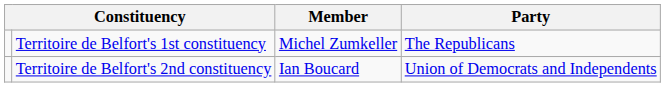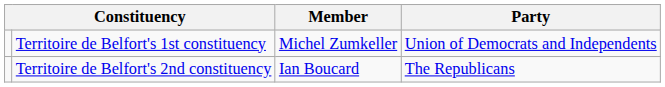 <table class="wikitable">
 <tr>
 <th colspan="2">Constituency</th>
 <th>Member</th>
 <th>Party</th>
 </tr>
 <tr>
 <td style="background-color: "></td>
 <td><a href='#'>Territoire de Belfort's 1st constituency</a></td>
 <td><a href='#'>Michel Zumkeller</a></td>
-<td><a href='#'>The Republicans</a></td>
+<td><a href='#'>Union of Democrats and Independents</a></td>
 </tr>
 <tr>
 <td style="background-color: "></td>
 <td><a href='#'>Territoire de Belfort's 2nd constituency</a></td>
 <td><a href='#'>Ian Boucard</a></td>
-<td><a href='#'>Union of Democrats and Independents</a></td>
+<td><a href='#'>The Republicans</a></td>
 </tr>
 </table>
